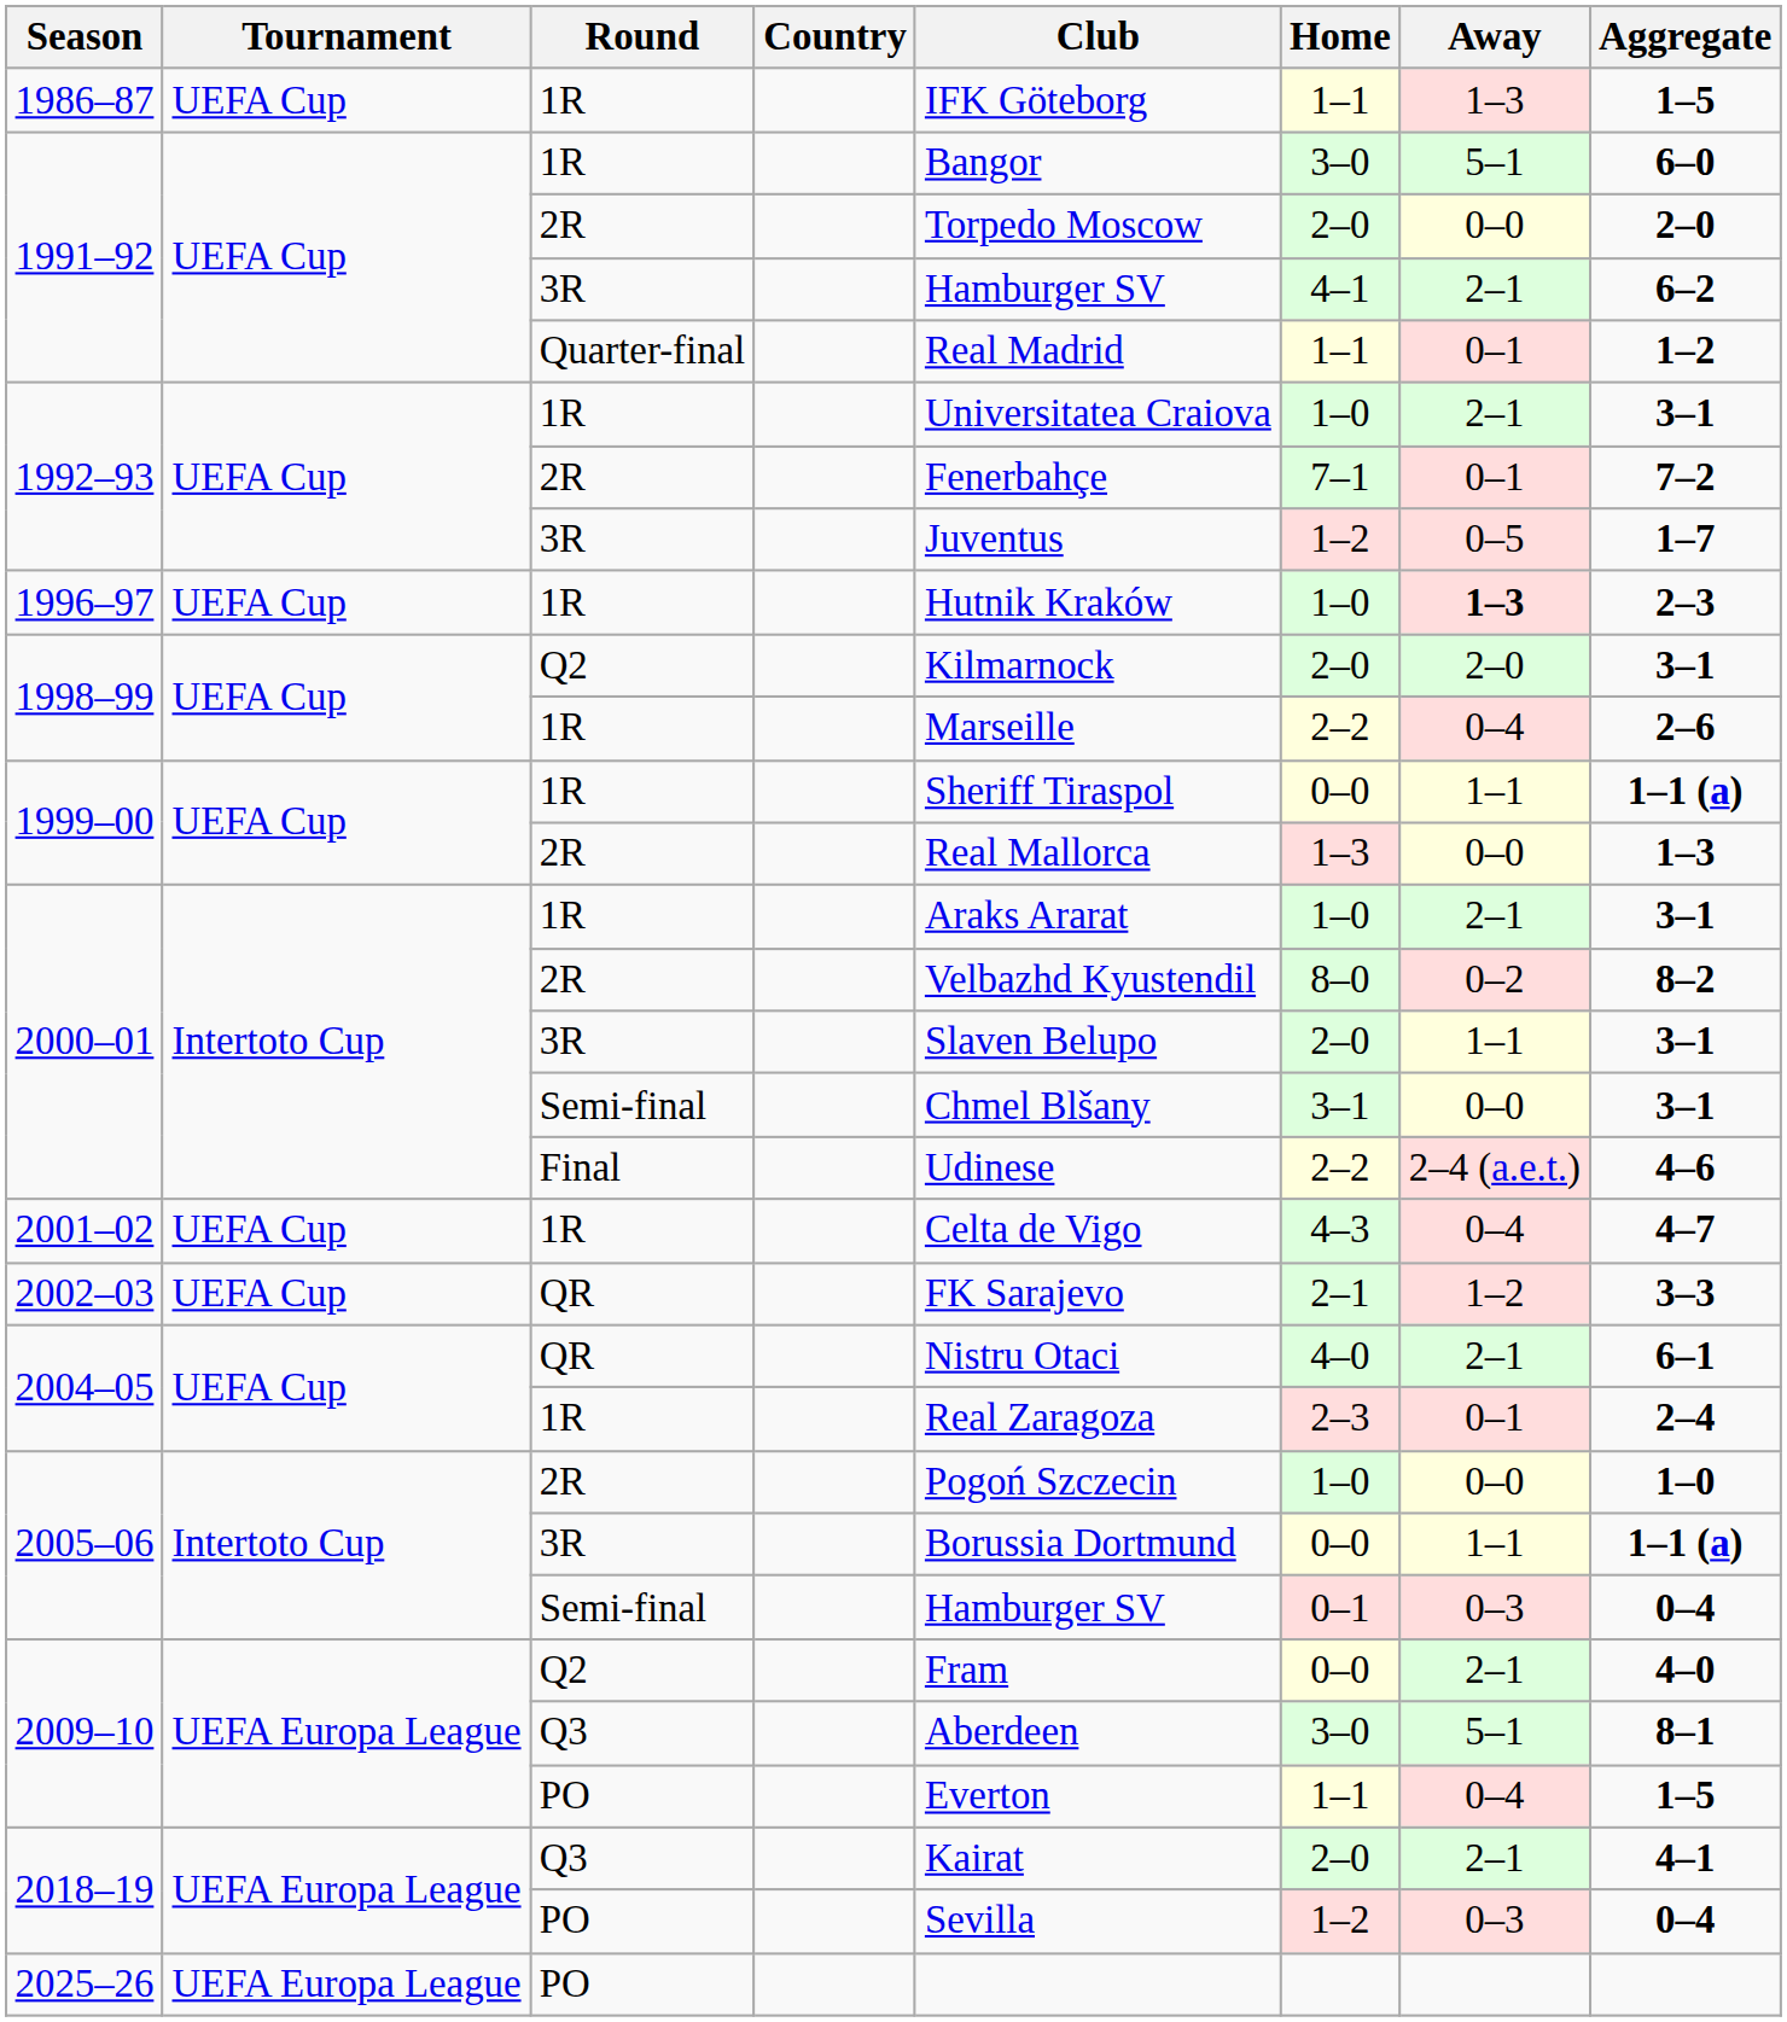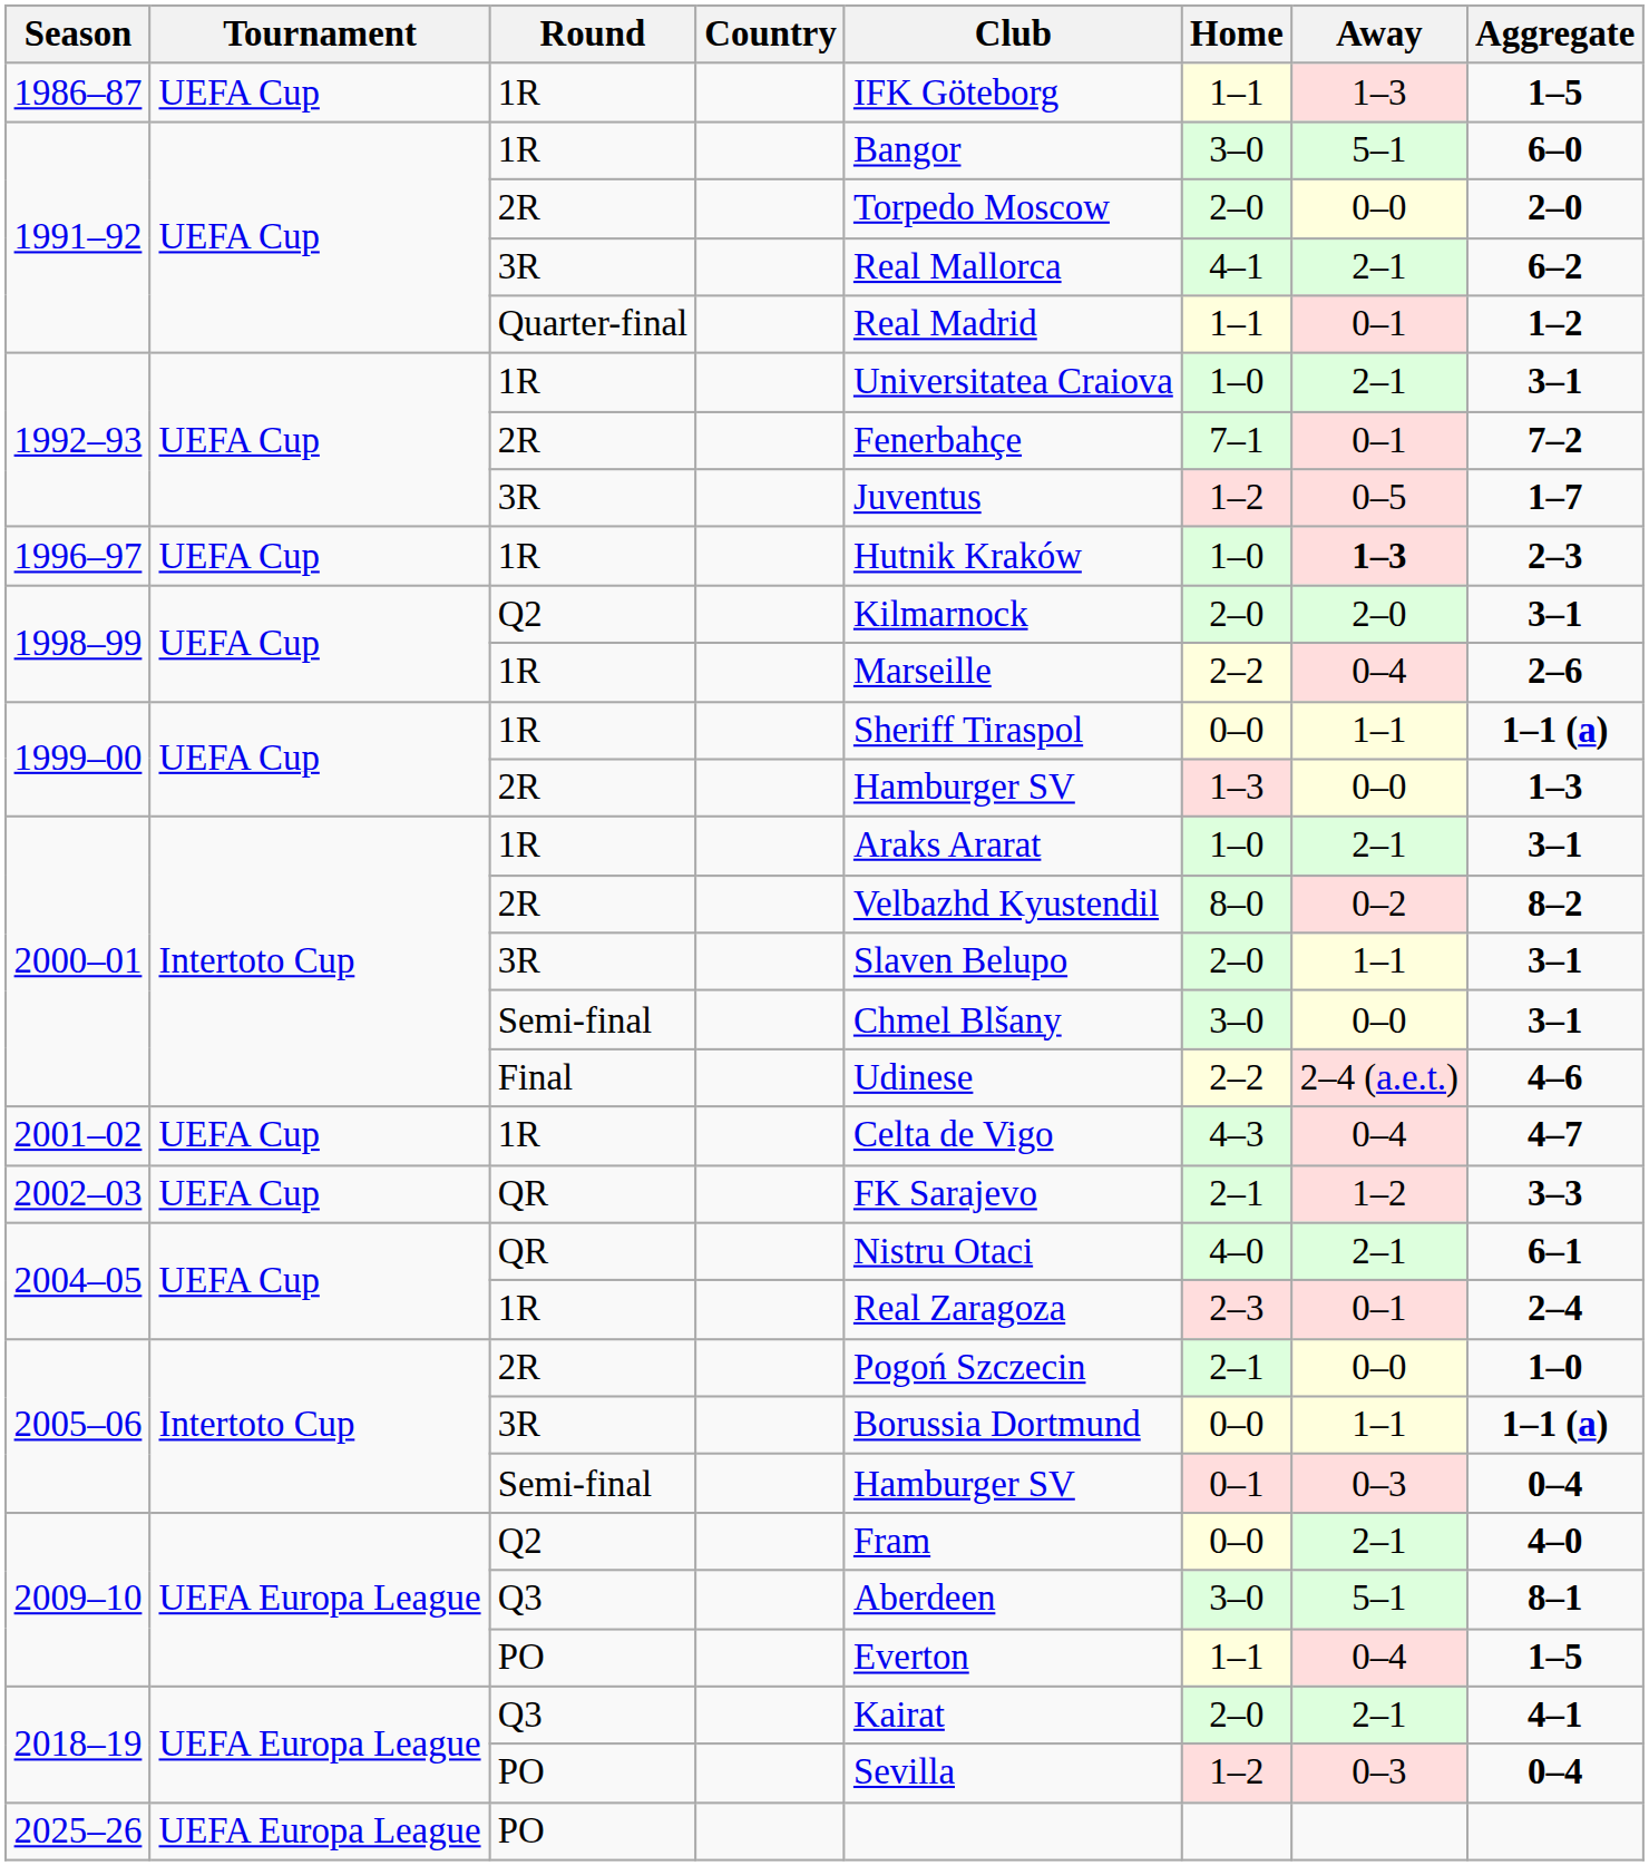 <table class="wikitable">
 <tr>
 <th>Season</th>
 <th>Tournament</th>
 <th>Round</th>
 <th>Country</th>
 <th>Club</th>
 <th>Home</th>
 <th>Away</th>
 <th>Aggregate</th>
 </tr>
 <tr>
 <td><a href='#'>1986–87</a></td>
 <td><a href='#'>UEFA Cup</a></td>
 <td>1R</td>
 <td></td>
 <td><a href='#'>IFK Göteborg</a></td>
 <td style="text-align:center; background:#ffd;">1–1</td>
 <td style="text-align:center; background:#fdd;">1–3</td>
 <td style="text-align:center;"><strong>1–5</strong></td>
 </tr>
 <tr>
 <td rowspan="4"><a href='#'>1991–92</a></td>
 <td rowspan="4"><a href='#'>UEFA Cup</a></td>
 <td>1R</td>
 <td></td>
 <td><a href='#'>Bangor</a></td>
 <td style="text-align:center; background:#dfd;">3–0</td>
 <td style="text-align:center; background:#dfd;">5–1</td>
 <td style="text-align:center;"><strong>6–0</strong></td>
 </tr>
 <tr>
 <td>2R</td>
 <td></td>
 <td><a href='#'>Torpedo Moscow</a></td>
 <td style="text-align:center; background:#dfd;">2–0</td>
 <td style="text-align:center; background:#ffd;">0–0</td>
 <td style="text-align:center;"><strong>2–0</strong></td>
 </tr>
 <tr>
 <td>3R</td>
 <td></td>
-<td><a href='#'>Hamburger SV</a></td>
+<td><a href='#'>Real Mallorca</a></td>
 <td style="text-align:center; background:#dfd;">4–1</td>
 <td style="text-align:center; background:#dfd;">2–1</td>
 <td style="text-align:center;"><strong>6–2</strong></td>
 </tr>
 <tr>
 <td>Quarter-final</td>
 <td></td>
 <td><a href='#'>Real Madrid</a></td>
 <td style="text-align:center; background:#ffd;">1–1</td>
 <td style="text-align:center; background:#fdd;">0–1</td>
 <td style="text-align:center;"><strong>1–2</strong></td>
 </tr>
 <tr>
 <td rowspan="3"><a href='#'>1992–93</a></td>
 <td rowspan="3"><a href='#'>UEFA Cup</a></td>
 <td>1R</td>
 <td></td>
 <td><a href='#'>Universitatea Craiova</a></td>
 <td style="text-align:center; background:#dfd;">1–0</td>
 <td style="text-align:center; background:#dfd;">2–1</td>
 <td style="text-align:center;"><strong>3–1</strong></td>
 </tr>
 <tr>
 <td>2R</td>
 <td></td>
 <td><a href='#'>Fenerbahçe</a></td>
 <td style="text-align:center; background:#dfd;">7–1</td>
 <td style="text-align:center; background:#fdd;">0–1</td>
 <td style="text-align:center;"><strong>7–2</strong></td>
 </tr>
 <tr>
 <td>3R</td>
 <td></td>
 <td><a href='#'>Juventus</a></td>
 <td style="text-align:center; background:#fdd;">1–2</td>
 <td style="text-align:center; background:#fdd;">0–5</td>
 <td style="text-align:center;"><strong>1–7</strong></td>
 </tr>
 <tr>
 <td><a href='#'>1996–97</a></td>
 <td><a href='#'>UEFA Cup</a></td>
 <td>1R</td>
 <td></td>
 <td><a href='#'>Hutnik Kraków</a></td>
 <td style="text-align:center; background:#dfd;">1–0</td>
 <td style="text-align:center; background:#fdd;"><strong>1–3</strong></td>
 <td style="text-align:center;"><strong>2–3</strong></td>
 </tr>
 <tr>
 <td rowspan="2"><a href='#'>1998–99</a></td>
 <td rowspan="2"><a href='#'>UEFA Cup</a></td>
 <td>Q2</td>
 <td></td>
 <td><a href='#'>Kilmarnock</a></td>
 <td style="text-align:center; background:#dfd;">2–0</td>
 <td style="text-align:center; background:#dfd;">2–0</td>
 <td style="text-align:center;"><strong>3–1</strong></td>
 </tr>
 <tr>
 <td>1R</td>
 <td></td>
 <td><a href='#'>Marseille</a></td>
 <td style="text-align:center; background:#ffd;">2–2</td>
 <td style="text-align:center; background:#fdd;">0–4</td>
 <td style="text-align:center;"><strong>2–6</strong></td>
 </tr>
 <tr>
 <td rowspan="2"><a href='#'>1999–00</a></td>
 <td rowspan="2"><a href='#'>UEFA Cup</a></td>
 <td>1R</td>
 <td></td>
 <td><a href='#'>Sheriff Tiraspol</a></td>
 <td style="text-align:center; background:#ffd;">0–0</td>
 <td style="text-align:center; background:#ffd;">1–1</td>
 <td style="text-align:center;"><strong>1–1 (<a href='#'>a</a>)</strong></td>
 </tr>
 <tr>
 <td>2R</td>
 <td></td>
-<td><a href='#'>Real Mallorca</a></td>
+<td><a href='#'>Hamburger SV</a></td>
 <td style="text-align:center; background:#fdd;">1–3</td>
 <td style="text-align:center; background:#ffd;">0–0</td>
 <td style="text-align:center;"><strong>1–3</strong></td>
 </tr>
 <tr>
 <td rowspan="5"><a href='#'>2000–01</a></td>
 <td rowspan="5"><a href='#'>Intertoto Cup</a></td>
 <td>1R</td>
 <td></td>
 <td><a href='#'>Araks Ararat</a></td>
 <td style="text-align:center; background:#dfd;">1–0</td>
 <td style="text-align:center; background:#dfd;">2–1</td>
 <td style="text-align:center;"><strong>3–1</strong></td>
 </tr>
 <tr>
 <td>2R</td>
 <td></td>
 <td><a href='#'>Velbazhd Kyustendil</a></td>
 <td style="text-align:center; background:#dfd;">8–0</td>
 <td style="text-align:center; background:#fdd;">0–2</td>
 <td style="text-align:center;"><strong>8–2</strong></td>
 </tr>
 <tr>
 <td>3R</td>
 <td></td>
 <td><a href='#'>Slaven Belupo</a></td>
 <td style="text-align:center; background:#dfd;">2–0</td>
 <td style="text-align:center; background:#ffd;">1–1</td>
 <td style="text-align:center;"><strong>3–1</strong></td>
 </tr>
 <tr>
 <td>Semi-final</td>
 <td></td>
 <td><a href='#'>Chmel Blšany</a></td>
-<td style="text-align:center; background:#dfd;">3–1</td>
+<td style="text-align:center; background:#dfd;">3–0</td>
 <td style="text-align:center; background:#ffd;">0–0</td>
 <td style="text-align:center;"><strong>3–1</strong></td>
 </tr>
 <tr>
 <td>Final</td>
 <td></td>
 <td><a href='#'>Udinese</a></td>
 <td style="text-align:center; background:#ffd;">2–2</td>
 <td style="text-align:center; background:#fdd;">2–4 (<a href='#'>a.e.t.</a>)</td>
 <td style="text-align:center;"><strong>4–6</strong></td>
 </tr>
 <tr>
 <td><a href='#'>2001–02</a></td>
 <td><a href='#'>UEFA Cup</a></td>
 <td>1R</td>
 <td></td>
 <td><a href='#'>Celta de Vigo</a></td>
 <td style="text-align:center; background:#dfd;">4–3</td>
 <td style="text-align:center; background:#fdd;">0–4</td>
 <td style="text-align:center;"><strong>4–7</strong></td>
 </tr>
 <tr>
 <td><a href='#'>2002–03</a></td>
 <td><a href='#'>UEFA Cup</a></td>
 <td>QR</td>
 <td></td>
 <td><a href='#'>FK Sarajevo</a></td>
 <td style="text-align:center; background:#dfd;">2–1</td>
 <td style="text-align:center; background:#fdd;">1–2</td>
 <td style="text-align:center;"><strong>3–3 </strong></td>
 </tr>
 <tr>
 <td rowspan="2"><a href='#'>2004–05</a></td>
 <td rowspan="2"><a href='#'>UEFA Cup</a></td>
 <td>QR</td>
 <td></td>
 <td><a href='#'>Nistru Otaci</a></td>
 <td style="text-align:center; background:#dfd;">4–0</td>
 <td style="text-align:center; background:#dfd;">2–1</td>
 <td style="text-align:center;"><strong>6–1</strong></td>
 </tr>
 <tr>
 <td>1R</td>
 <td></td>
 <td><a href='#'>Real Zaragoza</a></td>
 <td style="text-align:center; background:#fdd;">2–3</td>
 <td style="text-align:center; background:#fdd;">0–1</td>
 <td style="text-align:center;"><strong>2–4</strong></td>
 </tr>
 <tr>
 <td rowspan="3"><a href='#'>2005–06</a></td>
 <td rowspan="3"><a href='#'>Intertoto Cup</a></td>
 <td>2R</td>
 <td></td>
 <td><a href='#'>Pogoń Szczecin</a></td>
-<td style="text-align:center; background:#dfd;">1–0</td>
+<td style="text-align:center; background:#dfd;">2–1</td>
 <td style="text-align:center; background:#ffd;">0–0</td>
 <td style="text-align:center;"><strong>1–0</strong></td>
 </tr>
 <tr>
 <td>3R</td>
 <td></td>
 <td><a href='#'>Borussia Dortmund</a></td>
 <td style="text-align:center; background:#ffd;">0–0</td>
 <td style="text-align:center; background:#ffd;">1–1</td>
 <td style="text-align:center;"><strong>1–1 (<a href='#'>a</a>)</strong></td>
 </tr>
 <tr>
 <td>Semi-final</td>
 <td></td>
 <td><a href='#'>Hamburger SV</a></td>
 <td style="text-align:center; background:#fdd;">0–1</td>
 <td style="text-align:center; background:#fdd;">0–3</td>
 <td style="text-align:center;"><strong>0–4</strong></td>
 </tr>
 <tr>
 <td rowspan="3"><a href='#'>2009–10</a></td>
 <td rowspan="3"><a href='#'>UEFA Europa League</a></td>
 <td>Q2</td>
 <td></td>
 <td><a href='#'>Fram</a></td>
 <td style="text-align:center; background:#ffd;">0–0</td>
 <td style="text-align:center; background:#dfd;">2–1</td>
 <td style="text-align:center;"><strong>4–0</strong></td>
 </tr>
 <tr>
 <td>Q3</td>
 <td></td>
 <td><a href='#'>Aberdeen</a></td>
 <td style="text-align:center; background:#dfd;">3–0</td>
 <td style="text-align:center; background:#dfd;">5–1</td>
 <td style="text-align:center;"><strong>8–1</strong></td>
 </tr>
 <tr>
 <td>PO</td>
 <td></td>
 <td><a href='#'>Everton</a></td>
 <td style="text-align:center; background:#ffd;">1–1</td>
 <td style="text-align:center; background:#fdd;">0–4</td>
 <td style="text-align:center;"><strong>1–5</strong></td>
 </tr>
 <tr>
 <td rowspan="2"><a href='#'>2018–19</a></td>
 <td rowspan="2"><a href='#'>UEFA Europa League</a></td>
 <td>Q3</td>
 <td></td>
 <td><a href='#'>Kairat</a></td>
 <td style="text-align:center; background:#dfd;">2–0</td>
 <td style="text-align:center; background:#dfd;">2–1</td>
 <td style="text-align:center;"><strong>4–1</strong></td>
 </tr>
 <tr>
 <td>PO</td>
 <td></td>
 <td><a href='#'>Sevilla</a></td>
 <td style="text-align:center; background:#fdd;">1–2</td>
 <td style="text-align:center; background:#fdd;">0–3</td>
 <td style="text-align:center;"><strong>0–4</strong></td>
 </tr>
 <tr>
 <td><a href='#'>2025–26</a></td>
 <td><a href='#'>UEFA Europa League</a></td>
 <td>PO</td>
 <td></td>
 <td></td>
 <td style="text-align:center;"></td>
 <td style="text-align:center;"></td>
 <td style="text-align:center;"></td>
 </tr>
 </table>
